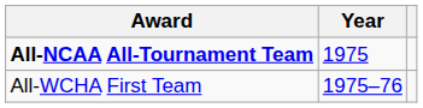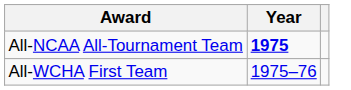 <table class="wikitable">
 <tr>
 <th>Award</th>
 <th>Year</th>
 <th></th>
 </tr>
 <tr>
-<td><strong>All-<a href='#'>NCAA</a> <a href='#'>All-Tournament Team</a></strong></td>
-<td><a href='#'>1975</a></td>
+<td>All-<a href='#'>NCAA</a> <a href='#'>All-Tournament Team</a></td>
+<td><strong><a href='#'>1975</a></strong></td>
 <td></td>
 </tr>
 <tr>
 <td>All-<a href='#'>WCHA</a> <a href='#'>First Team</a></td>
 <td><a href='#'>1975–76</a></td>
 <td></td>
 </tr>
 </table>
